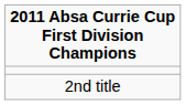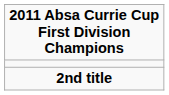 <table class="wikitable" style="text-align: center; margin: 0 auto; width: 20%">
 <tr>
 <td><strong>2011 Absa Currie Cup <br>First Division Champions<br></strong></td>
 </tr>
 <tr>
 <td><strong></strong></td>
 </tr>
 <tr>
-<td>2nd title</td>
+<td><strong>2nd title</strong></td>
 </tr>
 </table>
